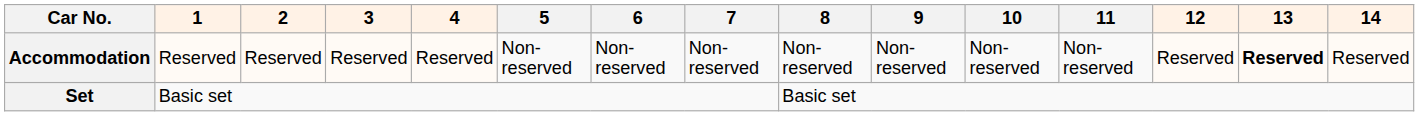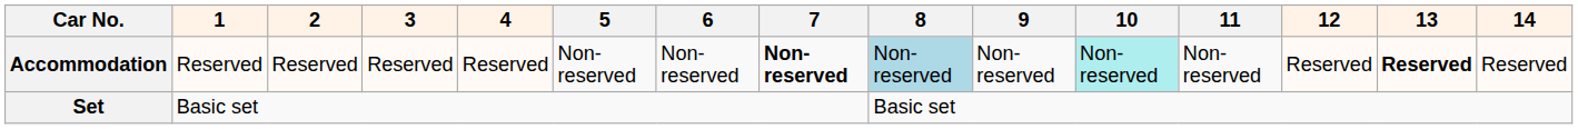 <table class="wikitable">
 <tr>
 <th>Car No.</th>
 <th style="background: #FFF2E6">1</th>
 <th style="background: #FFF2E6">2</th>
 <th style="background: #FFF2E6">3</th>
 <th style="background: #FFF2E6">4</th>
 <th>5</th>
 <th>6</th>
 <th>7</th>
 <th>8</th>
 <th>9</th>
 <th>10</th>
 <th>11</th>
 <th style="background: #FFF2E6">12</th>
 <th style="background: #FFF2E6">13</th>
 <th style="background: #FFF2E6">14</th>
 </tr>
 <tr>
 <th>Accommodation</th>
 <td style="background: #FFFAF5">Reserved</td>
 <td style="background: #FFFAF5">Reserved</td>
 <td style="background: #FFFAF5">Reserved</td>
 <td style="background: #FFFAF5">Reserved</td>
 <td>Non-reserved</td>
 <td>Non-reserved</td>
+<td><strong>Non-reserved</strong></td>
+<td style="background: lightblue;">Non-reserved</td>
 <td>Non-reserved</td>
-<td>Non-reserved</td>
-<td>Non-reserved</td>
-<td>Non-reserved</td>
+<td style="background: paleturquoise;">Non-reserved</td>
 <td>Non-reserved</td>
 <td style="background: #FFFAF5">Reserved</td>
 <td style="background: #FFFAF5"><strong>Reserved</strong></td>
 <td style="background: #FFFAF5">Reserved</td>
 </tr>
 <tr>
 <th>Set</th>
 <td colspan="7">Basic set</td>
 <td colspan="7">Basic set</td>
 </tr>
 </table>
